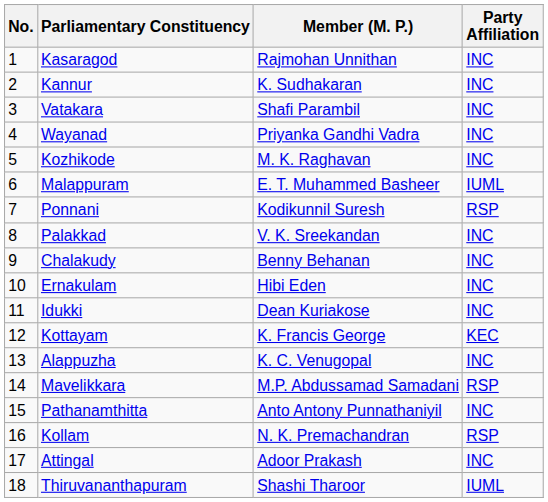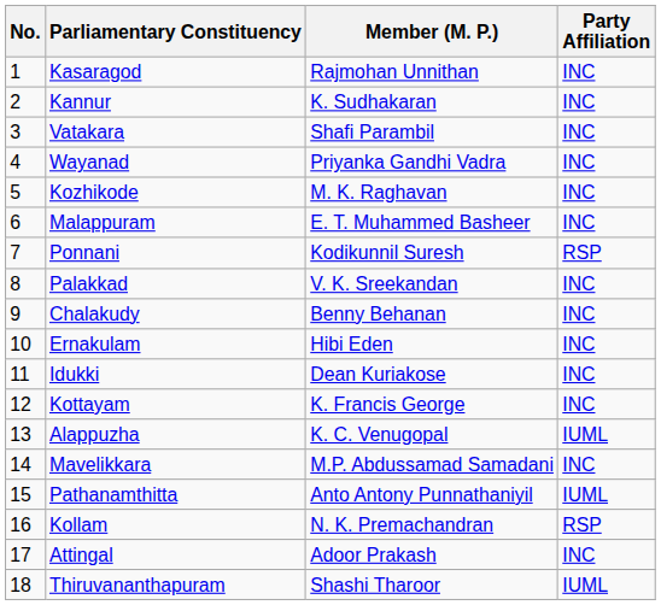 <table class="wikitable sortable" style="font-size: 95%;">
 <tr>
 <th>No.</th>
 <th>Parliamentary Constituency</th>
 <th>Member (M. P.)</th>
 <th>Party Affiliation</th>
 </tr>
 <tr>
 <td>1</td>
 <td><a href='#'>Kasaragod</a></td>
 <td><a href='#'>Rajmohan Unnithan</a></td>
 <td width="4px" style="background-color: "><a href='#'><span>INC</span></a></td>
 </tr>
 <tr>
 <td>2</td>
 <td><a href='#'>Kannur</a></td>
 <td><a href='#'>K. Sudhakaran</a></td>
 <td width="4px" style="background-color: "><a href='#'><span>INC</span></a></td>
 </tr>
 <tr>
 <td>3</td>
 <td><a href='#'>Vatakara</a></td>
 <td><a href='#'>Shafi Parambil</a></td>
 <td width="4px" style="background-color: "><a href='#'><span>INC</span></a></td>
 </tr>
 <tr>
 <td>4</td>
 <td><a href='#'>Wayanad</a></td>
 <td><a href='#'>Priyanka Gandhi Vadra</a></td>
 <td width="4px" style="background-color: "><a href='#'><span>INC</span></a></td>
 </tr>
 <tr>
 <td>5</td>
 <td><a href='#'>Kozhikode</a></td>
 <td><a href='#'>M. K. Raghavan</a></td>
 <td width="4px" style="background-color: "><a href='#'><span>INC</span></a></td>
 </tr>
 <tr>
 <td>6</td>
 <td><a href='#'>Malappuram</a></td>
 <td><a href='#'>E. T. Muhammed Basheer</a></td>
-<td width="4px" style="background-color: "><a href='#'><span>IUML</span></a></td>
+<td width="4px" style="background-color: "><a href='#'><span>INC</span></a></td>
 </tr>
 <tr>
 <td>7</td>
 <td><a href='#'>Ponnani</a></td>
 <td><a href='#'>Kodikunnil Suresh</a></td>
 <td width="4px" style="background-color: "><a href='#'><span>RSP</span></a></td>
 </tr>
 <tr>
 <td>8</td>
 <td><a href='#'>Palakkad</a></td>
 <td><a href='#'>V. K. Sreekandan</a></td>
 <td width="4px" style="background-color: "><a href='#'><span>INC</span></a></td>
 </tr>
 <tr>
 <td>9</td>
 <td><a href='#'>Chalakudy</a></td>
 <td><a href='#'>Benny Behanan</a></td>
 <td width="4px" style="background-color: "><a href='#'><span>INC</span></a></td>
 </tr>
 <tr>
 <td>10</td>
 <td><a href='#'>Ernakulam</a></td>
 <td><a href='#'>Hibi Eden</a></td>
 <td width="4px" style="background-color: "><a href='#'><span>INC</span></a></td>
 </tr>
 <tr>
 <td>11</td>
 <td><a href='#'>Idukki</a></td>
 <td><a href='#'>Dean Kuriakose</a></td>
 <td width="4px" style="background-color: "><a href='#'><span>INC</span></a></td>
 </tr>
 <tr>
 <td>12</td>
 <td><a href='#'>Kottayam</a></td>
 <td><a href='#'>K. Francis George</a></td>
-<td width="4px" style="background-color: "><a href='#'><span>KEC</span></a></td>
+<td width="4px" style="background-color: "><a href='#'><span>INC</span></a></td>
 </tr>
 <tr>
 <td>13</td>
 <td><a href='#'>Alappuzha</a></td>
 <td><a href='#'>K. C. Venugopal</a></td>
-<td width="4px" style="background-color: "><a href='#'><span>INC</span></a></td>
+<td width="4px" style="background-color: "><a href='#'><span>IUML</span></a></td>
 </tr>
 <tr>
 <td>14</td>
 <td><a href='#'>Mavelikkara</a></td>
 <td><a href='#'>M.P. Abdussamad Samadani</a></td>
-<td width="4px" style="background-color: "><a href='#'><span>RSP</span></a></td>
+<td width="4px" style="background-color: "><a href='#'><span>INC</span></a></td>
 </tr>
 <tr>
 <td>15</td>
 <td><a href='#'>Pathanamthitta</a></td>
 <td><a href='#'>Anto Antony Punnathaniyil</a></td>
-<td width="4px" style="background-color: "><a href='#'><span>INC</span></a></td>
+<td width="4px" style="background-color: "><a href='#'><span>IUML</span></a></td>
 </tr>
 <tr>
 <td>16</td>
 <td><a href='#'>Kollam</a></td>
 <td><a href='#'>N. K. Premachandran</a></td>
 <td width="4px" style="background-color: "><a href='#'><span>RSP</span></a></td>
 </tr>
 <tr>
 <td>17</td>
 <td><a href='#'>Attingal</a></td>
 <td><a href='#'>Adoor Prakash</a></td>
 <td width="4px" style="background-color: "><a href='#'><span>INC</span></a></td>
 </tr>
 <tr>
 <td>18</td>
 <td><a href='#'>Thiruvananthapuram</a></td>
 <td><a href='#'>Shashi Tharoor</a></td>
 <td width="4px" style="background-color: "><a href='#'><span>IUML</span></a></td>
 </tr>
 </table>
